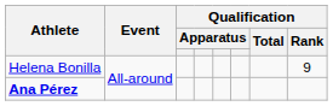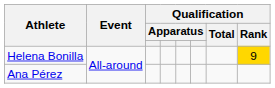 <table class="wikitable" style="font-size:90%">
 <tr>
 <th rowspan=3>Athlete</th>
 <th rowspan=3>Event</th>
 <th colspan=6>Qualification</th>
 </tr>
 <tr style="font-size:95%">
 <th colspan=4>Apparatus</th>
 <th rowspan=2>Total</th>
 <th rowspan=2>Rank</th>
 </tr>
 <tr style="font-size:95%">
 <th></th>
 <th></th>
 <th></th>
 <th></th>
 </tr>
 <tr align=center>
 <td align=left><a href='#'>Helena Bonilla</a></td>
 <td align=left rowspan=6><a href='#'>All-around</a></td>
 <td></td>
 <td></td>
 <td></td>
 <td></td>
 <td></td>
-<td>9</td>
+<td style="background: gold;">9</td>
 </tr>
 <tr align=center>
-<td align=left><strong><a href='#'>Ana Pérez</a></strong></td>
+<td align=left><a href='#'>Ana Pérez</a></td>
 <td></td>
 <td></td>
 <td></td>
 <td></td>
 <td></td>
 <td></td>
 </tr>
 </table>
